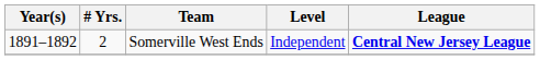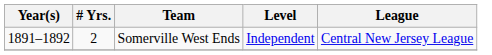 <table class="wikitable" style="text-align:center; font-size: 95%;">
 <tr>
 <th>Year(s)</th>
 <th># Yrs.</th>
 <th>Team</th>
 <th>Level</th>
 <th>League</th>
 </tr>
 <tr>
 <td>1891–1892</td>
 <td>2</td>
 <td>Somerville West Ends</td>
 <td><a href='#'>Independent</a></td>
-<td><strong><a href='#'>Central New Jersey League</a></strong></td>
+<td><a href='#'>Central New Jersey League</a></td>
 </tr>
 <tr>
 </tr>
 </table>
